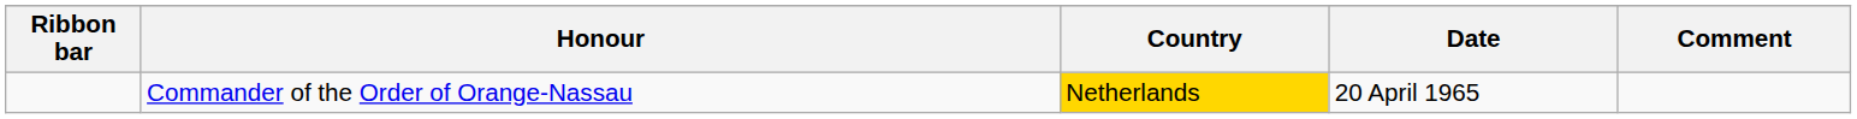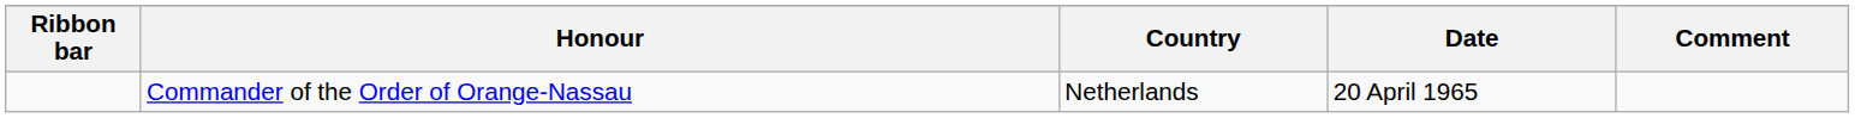 <table class="wikitable" style="width:60%;">
 <tr style="background:#ccf; text-align:center;">
 </tr>
 <tr>
 <th style="width:80px;">Ribbon bar</th>
 <th>Honour</th>
 <th>Country</th>
 <th>Date</th>
 <th>Comment</th>
 </tr>
 <tr>
 <td></td>
 <td><a href='#'>Commander</a> of the <a href='#'>Order of Orange-Nassau</a></td>
-<td style="background: gold;">Netherlands</td>
+<td>Netherlands</td>
 <td>20 April 1965</td>
 <td></td>
 </tr>
 </table>
